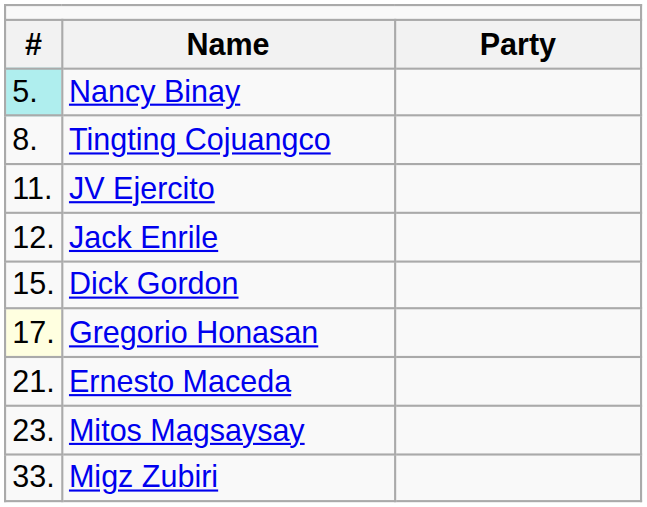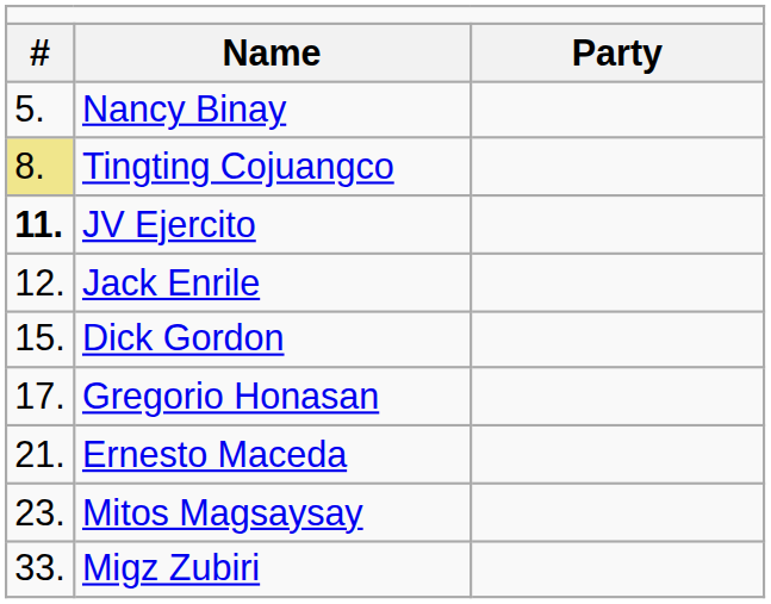 <table class=wikitable style="font-size:90%">
 <tr>
 <td colspan=4 bgcolor=></td>
 </tr>
 <tr>
 <th>#</th>
 <th width=150px>Name</th>
 <th colspan=2 width=110px>Party</th>
 </tr>
 <tr>
-<td style="background: paleturquoise;">5.</td>
+<td>5.</td>
 <td><a href='#'>Nancy Binay</a></td>
 <td></td>
 </tr>
 <tr>
-<td>8.</td>
+<td style="background: khaki;">8.</td>
 <td><a href='#'>Tingting Cojuangco</a></td>
 <td></td>
 </tr>
 <tr>
-<td>11.</td>
+<td><strong>11.</strong></td>
 <td><a href='#'>JV Ejercito</a></td>
 <td></td>
 </tr>
 <tr>
 <td>12.</td>
 <td><a href='#'>Jack Enrile</a></td>
 <td></td>
 </tr>
 <tr>
 <td>15.</td>
 <td><a href='#'>Dick Gordon</a></td>
 <td></td>
 </tr>
 <tr>
-<td style="background: lightyellow;">17.</td>
+<td>17.</td>
 <td><a href='#'>Gregorio Honasan</a></td>
 <td></td>
 </tr>
 <tr>
 <td>21.</td>
 <td><a href='#'>Ernesto Maceda</a></td>
 <td></td>
 </tr>
 <tr>
 <td>23.</td>
 <td><a href='#'>Mitos Magsaysay</a></td>
 <td></td>
 </tr>
 <tr>
 <td>33.</td>
 <td><a href='#'>Migz Zubiri</a></td>
 <td></td>
 </tr>
 </table>
